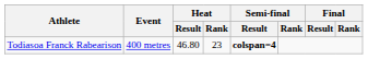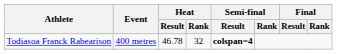 <table class="wikitable" style="font-size:90%">
 <tr>
 <th rowspan="2">Athlete</th>
 <th rowspan="2">Event</th>
 <th colspan="2">Heat</th>
 <th colspan="2">Semi-final</th>
 <th colspan="2">Final</th>
 </tr>
 <tr style="font-size:95%">
 <th>Result</th>
 <th>Rank</th>
 <th>Result</th>
 <th>Rank</th>
 <th>Result</th>
 <th>Rank</th>
 </tr>
 <tr style=text-align:center>
 <td style=text-align:left><a href='#'>Todiasoa Franck Rabearison</a></td>
 <td style=text-align:left><a href='#'>400 metres</a></td>
-<td>46.80 </td>
-<td>23</td>
+<td>46.78 </td>
+<td>32</td>
 <td><strong>colspan=4</strong></td>
 </tr>
 </table>
